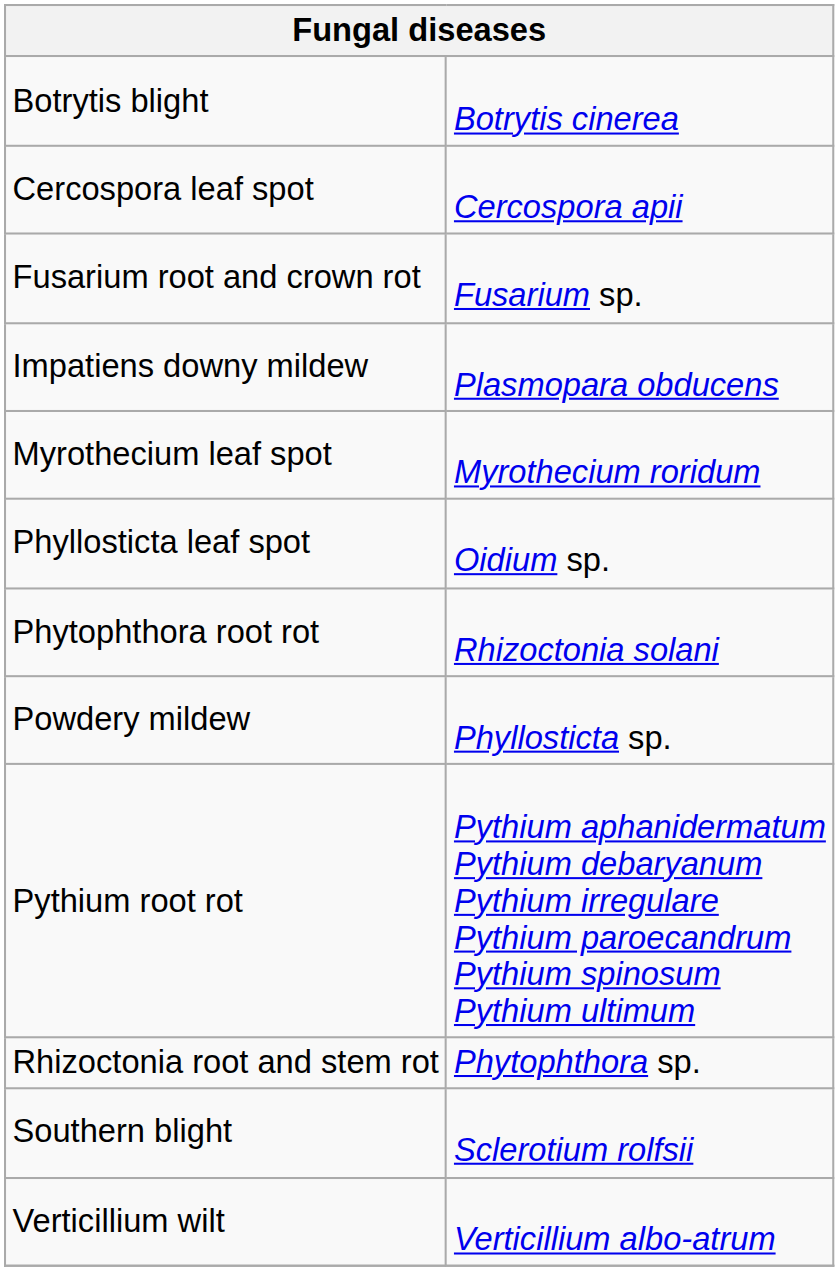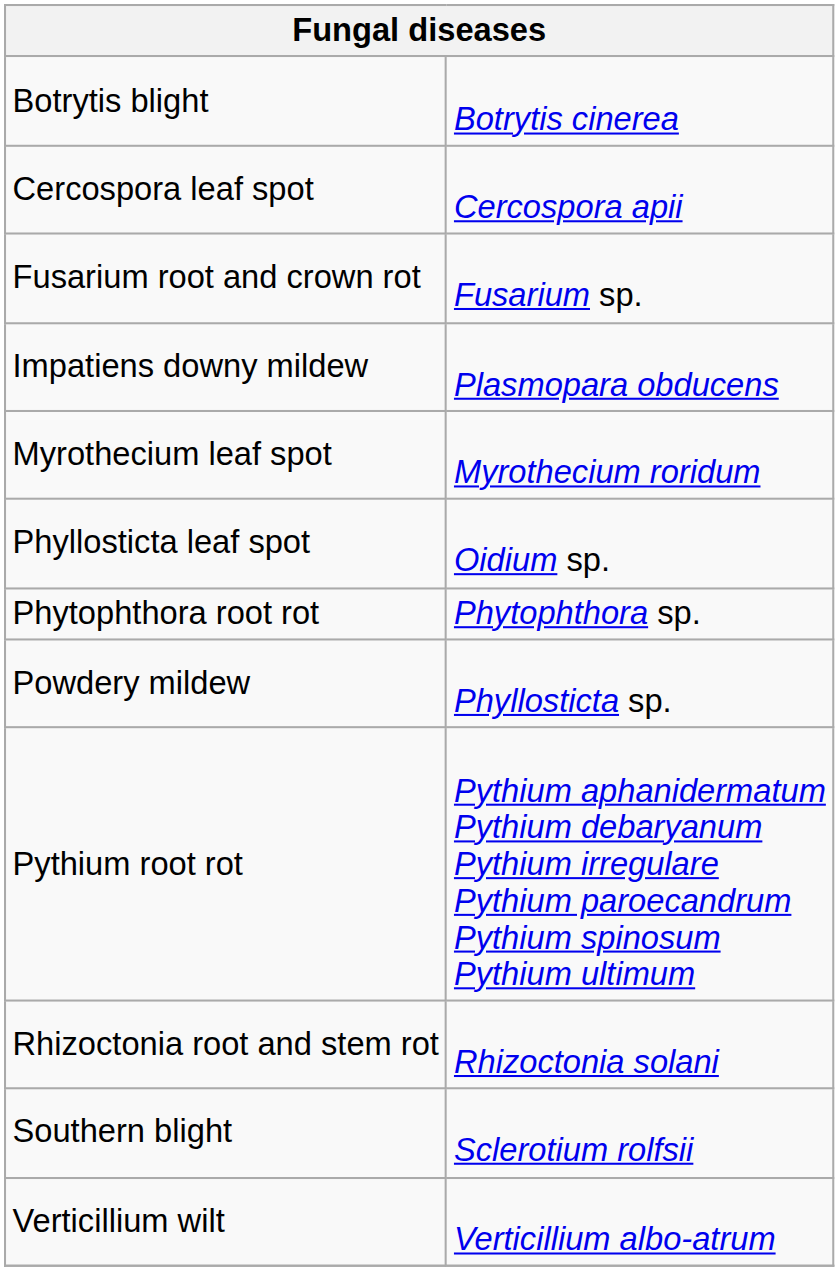 <table class="wikitable" style="clear">
 <tr>
 <th colspan=2><strong>Fungal diseases</strong><br></th>
 </tr>
 <tr>
 <td>Botrytis blight</td>
 <td><br><em><a href='#'>Botrytis cinerea</a></em></td>
 </tr>
 <tr>
 <td>Cercospora leaf spot</td>
 <td><br><em><a href='#'>Cercospora apii</a></em></td>
 </tr>
 <tr>
 <td>Fusarium root and crown rot</td>
 <td><br><em><a href='#'>Fusarium</a></em> sp.</td>
 </tr>
 <tr>
 <td>Impatiens downy mildew</td>
 <td><br><em><a href='#'>Plasmopara obducens</a></em></td>
 </tr>
 <tr>
 <td>Myrothecium leaf spot</td>
 <td><br><em><a href='#'>Myrothecium roridum</a></em></td>
 </tr>
 <tr>
 <td>Phyllosticta leaf spot</td>
 <td><br><em><a href='#'>Oidium</a></em> sp.</td>
 </tr>
 <tr>
 <td>Phytophthora root rot</td>
-<td><br><em><a href='#'>Rhizoctonia solani</a></em></td>
+<td><em><a href='#'>Phytophthora</a></em> sp.</td>
 </tr>
 <tr>
 <td>Powdery mildew</td>
 <td><br><em><a href='#'>Phyllosticta</a></em> sp.</td>
 </tr>
 <tr>
 <td>Pythium root rot</td>
 <td><br><em><a href='#'>Pythium aphanidermatum</a></em><br> <em><a href='#'>Pythium debaryanum</a></em><br> <em><a href='#'>Pythium irregulare</a></em><br> <em><a href='#'>Pythium paroecandrum</a></em><br> <em><a href='#'>Pythium spinosum</a></em><br> <em><a href='#'>Pythium ultimum</a></em></td>
 </tr>
 <tr>
 <td>Rhizoctonia root and stem rot</td>
-<td><em><a href='#'>Phytophthora</a></em> sp.</td>
+<td><br><em><a href='#'>Rhizoctonia solani</a></em></td>
 </tr>
 <tr>
 <td>Southern blight</td>
 <td><br><em><a href='#'>Sclerotium rolfsii</a></em></td>
 </tr>
 <tr>
 <td>Verticillium wilt</td>
 <td><br><em><a href='#'>Verticillium albo-atrum</a></em></td>
 </tr>
 <tr>
 </tr>
 </table>
